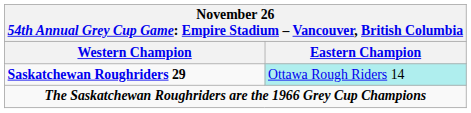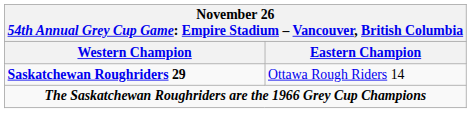 <table class="wikitable">
 <tr>
 <th colspan="2">November 26<br><a href='#'><em>54th Annual Grey Cup Game</em></a>: <a href='#'>Empire Stadium</a> – <a href='#'>Vancouver</a>, <a href='#'>British Columbia</a></th>
 </tr>
 <tr>
 <th><a href='#'>Western Champion</a></th>
 <th><a href='#'>Eastern Champion</a></th>
 </tr>
 <tr>
 <td><strong><a href='#'>Saskatchewan Roughriders</a> 29</strong></td>
-<td style="background: paleturquoise;"><a href='#'>Ottawa Rough Riders</a> 14</td>
+<td><a href='#'>Ottawa Rough Riders</a> 14</td>
 </tr>
 <tr>
 <td colspan="2" align="center"><strong><em>The Saskatchewan Roughriders are the 1966 Grey Cup Champions</em></strong></td>
 </tr>
 </table>
